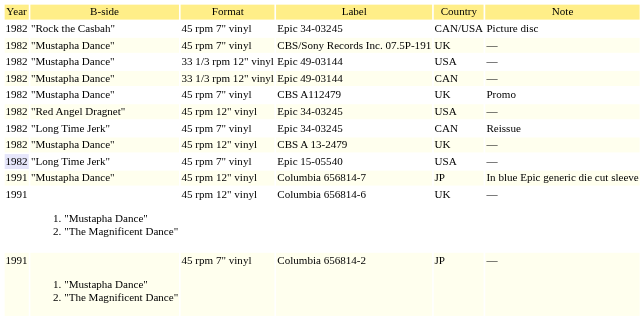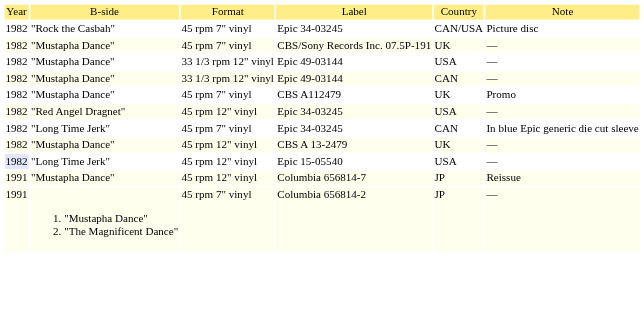 <table style="font-size:10pt;">
 <tr style="background:#fe8; text-align:center;">
 <td>Year</td>
 <td>B-side</td>
 <td>Format</td>
 <td>Label</td>
 <td>Country</td>
 <td>Note</td>
 </tr>
 <tr>
 <td valign="top">1982</td>
 <td valign="top">"Rock the Casbah"</td>
 <td valign="top">45 rpm 7" vinyl</td>
 <td valign="top">Epic 34-03245</td>
 <td valign="top">CAN/USA</td>
 <td valign="top">Picture disc</td>
 </tr>
 <tr style="background: #ffe">
 <td valign="top">1982</td>
 <td valign="top">"Mustapha Dance"</td>
 <td valign="top">45 rpm 7" vinyl</td>
 <td valign="top">CBS/Sony Records Inc. 07.5P-191</td>
 <td valign="top">UK</td>
 <td valign="top">—</td>
 </tr>
 <tr>
 <td valign="top">1982</td>
 <td valign="top">"Mustapha Dance"</td>
 <td valign="top">33 1/3 rpm 12" vinyl</td>
 <td valign="top">Epic 49-03144</td>
 <td valign="top">USA</td>
 <td valign="top">—</td>
 </tr>
 <tr style="background: #ffe">
 <td valign="top">1982</td>
 <td valign="top">"Mustapha Dance"</td>
 <td valign="top">33 1/3 rpm 12" vinyl</td>
 <td valign="top">Epic 49-03144</td>
 <td valign="top">CAN</td>
 <td valign="top">—</td>
 </tr>
 <tr>
 <td valign="top">1982</td>
 <td valign="top">"Mustapha Dance"</td>
 <td valign="top">45 rpm 7" vinyl</td>
 <td valign="top">CBS A112479</td>
 <td valign="top">UK</td>
 <td valign="top">Promo</td>
 </tr>
 <tr style="background: #ffe">
 <td valign="top">1982</td>
 <td valign="top">"Red Angel Dragnet"</td>
 <td valign="top">45 rpm 12" vinyl</td>
 <td valign="top">Epic 34-03245</td>
 <td valign="top">USA</td>
 <td valign="top">—</td>
 </tr>
 <tr>
 <td valign="top">1982</td>
 <td valign="top">"Long Time Jerk"</td>
 <td valign="top">45 rpm 7" vinyl</td>
 <td valign="top">Epic 34-03245</td>
 <td valign="top">CAN</td>
-<td valign="top">Reissue</td>
+<td valign="top">In blue Epic generic die cut sleeve</td>
 </tr>
 <tr style="background: #ffe">
 <td valign="top">1982</td>
 <td valign="top">"Mustapha Dance"</td>
 <td valign="top">45 rpm 12" vinyl</td>
 <td valign="top">CBS A 13-2479</td>
 <td valign="top">UK</td>
 <td valign="top">—</td>
 </tr>
 <tr>
 <td valign="top" style="background: lavender;">1982</td>
 <td valign="top">"Long Time Jerk"</td>
-<td valign="top">45 rpm 7" vinyl</td>
+<td valign="top">45 rpm 12" vinyl</td>
 <td valign="top">Epic 15-05540</td>
 <td valign="top">USA</td>
 <td valign="top">—</td>
 </tr>
 <tr style="background: #ffe">
 <td valign="top">1991</td>
 <td valign="top">"Mustapha Dance"</td>
 <td valign="top">45 rpm 12" vinyl</td>
 <td valign="top">Columbia 656814-7</td>
 <td valign="top">JP</td>
-<td valign="top">In blue Epic generic die cut sleeve</td>
-</tr>
-<tr>
-<td valign="top">1991</td>
-<td valign="top"><br><ol><li>"Mustapha Dance"</li><li>"The Magnificent Dance"</li></ol></td>
-<td valign="top">45 rpm 12" vinyl</td>
-<td valign="top">Columbia 656814-6</td>
-<td valign="top">UK</td>
-<td valign="top">—</td>
+<td valign="top">Reissue</td>
 </tr>
 <tr style="background: #ffe">
 <td valign="top">1991</td>
 <td valign="top"><br><ol><li>"Mustapha Dance"</li><li>"The Magnificent Dance"</li></ol></td>
 <td valign="top">45 rpm 7" vinyl</td>
 <td valign="top">Columbia 656814-2</td>
 <td valign="top">JP</td>
 <td valign="top">—</td>
 </tr>
 </table>
